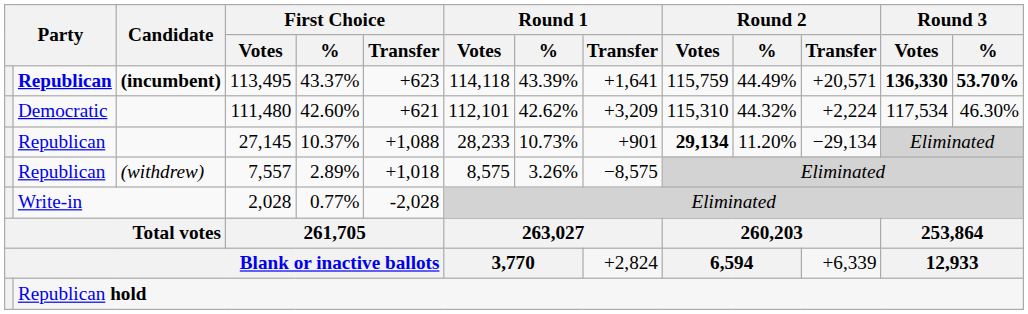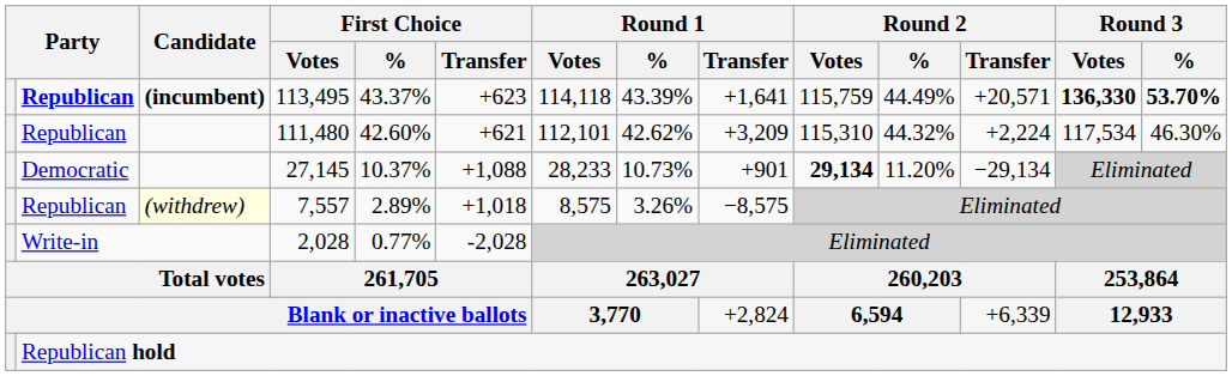 <table class="wikitable sortable" style="text-align:right">
 <tr>
 <th colspan=2 rowspan=2>Party</th>
 <th rowspan=2>Candidate</th>
 <th colspan=3>First Choice</th>
 <th colspan=3>Round 1</th>
 <th colspan=3>Round 2</th>
 <th colspan=2>Round 3</th>
 </tr>
 <tr>
 <th>Votes</th>
 <th>%</th>
 <th>Transfer</th>
 <th>Votes</th>
 <th>%</th>
 <th>Transfer</th>
 <th>Votes</th>
 <th>%</th>
 <th>Transfer</th>
 <th>Votes</th>
 <th>%</th>
 </tr>
 <tr>
 <th style="background-color:"></th>
 <td style="text-align:left"><strong><a href='#'>Republican</a></strong></td>
 <td style="text-align:left" scope="row"><strong> (incumbent)</strong></td>
 <td>113,495</td>
 <td>43.37%</td>
 <td>+623</td>
 <td>114,118</td>
 <td>43.39%</td>
 <td>+1,641</td>
 <td>115,759</td>
 <td>44.49%</td>
 <td>+20,571</td>
 <td><strong>136,330</strong></td>
 <td><strong>53.70%</strong></td>
 </tr>
 <tr>
 <th style="background-color:"></th>
-<td style="text-align:left"><a href='#'>Democratic</a></td>
+<td style="text-align:left"><a href='#'>Republican</a></td>
 <td style="text-align:left" scope="row"></td>
 <td>111,480</td>
 <td>42.60%</td>
 <td>+621</td>
 <td>112,101</td>
 <td>42.62%</td>
 <td>+3,209</td>
 <td>115,310</td>
 <td>44.32%</td>
 <td>+2,224</td>
 <td>117,534</td>
 <td>46.30%</td>
 </tr>
 <tr>
 <th style="background-color:"></th>
-<td style="text-align:left"><a href='#'>Republican</a></td>
+<td style="text-align:left"><a href='#'>Democratic</a></td>
 <td style="text-align:left" scope="row"></td>
 <td>27,145</td>
 <td>10.37%</td>
 <td>+1,088</td>
 <td>28,233</td>
 <td>10.73%</td>
 <td>+901</td>
 <td><strong>29,134</strong></td>
 <td>11.20%</td>
 <td>−29,134</td>
 <td colspan=3 style="background:lightgrey;text-align:center;"><em>Eliminated</em></td>
 </tr>
 <tr>
 <th style="background-color:"></th>
 <td style="text-align:left"><a href='#'>Republican</a></td>
-<td style="text-align:left" scope="row"> <em>(withdrew)</em></td>
+<td style="background: lightyellow; text-align:left" scope="row"> <em>(withdrew)</em></td>
 <td>7,557</td>
 <td>2.89%</td>
 <td>+1,018</td>
 <td>8,575</td>
 <td>3.26%</td>
 <td>−8,575</td>
 <td colspan=5 style="background:lightgrey;text-align:center;"><em>Eliminated</em></td>
 </tr>
 <tr>
 <th style="background-color:"></th>
 <td style="text-align:left" colspan=2><a href='#'>Write-in</a></td>
 <td>2,028</td>
 <td>0.77%</td>
 <td>-2,028</td>
 <td colspan="8" style="background:lightgrey; text-align:center;"><em>Eliminated</em></td>
 </tr>
 <tr class="sortbottom" style="background-color:#F6F6F6">
 <th colspan=3 scope="row" style="text-align:right;"><strong>Total votes</strong></th>
 <th colspan=3><strong>261,705</strong></th>
 <th colspan=3><strong>263,027</strong></th>
 <th colspan=3><strong>260,203</strong></th>
 <th colspan=2><strong>253,864</strong></th>
 </tr>
 <tr class="sortbottom" style="background-color:#F6F6F6">
 <th colspan=6 scope="row" style="text-align:right;"><a href='#'>Blank or inactive ballots</a></th>
 <th colspan=2>3,770</th>
 <td>+2,824</td>
 <th colspan=2>6,594</th>
 <td>+6,339</td>
 <th colspan=2>12,933</th>
 </tr>
 <tr class="sortbottom" style="background:#f6f6f6;">
 <th style="background-color:"></th>
 <td style="text-align:left" colspan=13><a href='#'>Republican</a> <strong>hold</strong></td>
 </tr>
 </table>
